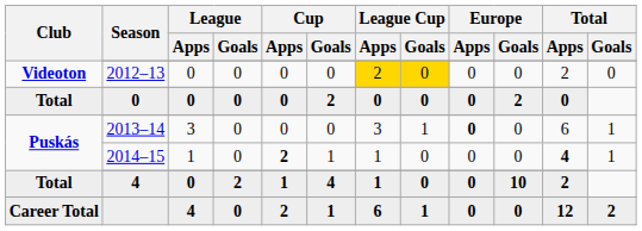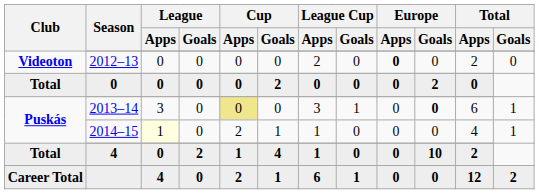 <table class="wikitable" style="font-size:90%; text-align: center;">
 <tr>
 <th rowspan="2">Club</th>
 <th rowspan="2">Season</th>
 <th colspan="2">League</th>
 <th colspan="2">Cup</th>
 <th colspan="2">League Cup</th>
 <th colspan="2">Europe</th>
 <th colspan="2">Total</th>
 </tr>
 <tr>
 <th>Apps</th>
 <th>Goals</th>
 <th>Apps</th>
 <th>Goals</th>
 <th>Apps</th>
 <th>Goals</th>
 <th>Apps</th>
 <th>Goals</th>
 <th>Apps</th>
 <th>Goals</th>
 </tr>
 <tr ||-||-||-|->
 <td rowspan="3" valign="center"><strong><a href='#'>Videoton</a></strong></td>
 </tr>
 <tr>
 <td><a href='#'>2012–13</a></td>
 <td>0</td>
 <td>0</td>
 <td>0</td>
 <td>0</td>
-<td style="background: gold;">2</td>
-<td style="background: gold;">0</td>
+<td>2</td>
 <td>0</td>
+<td><strong>0</strong></td>
 <td>0</td>
 <td>2</td>
 <td>0</td>
 </tr>
 <tr>
 </tr>
 <tr style="font-weight:bold; background-color:#eeeeee;">
 <td>Total</td>
 <td>0</td>
 <td>0</td>
 <td>0</td>
 <td>0</td>
 <td>2</td>
 <td>0</td>
 <td>0</td>
 <td>0</td>
 <td>2</td>
 <td>0</td>
 </tr>
 <tr>
 <td rowspan="4" valign="center"><strong><a href='#'>Puskás</a></strong></td>
 </tr>
 <tr>
 <td><a href='#'>2013–14</a></td>
 <td>3</td>
 <td>0</td>
-<td>0</td>
+<td style="background: khaki;">0</td>
 <td>0</td>
 <td>3</td>
 <td>1</td>
+<td>0</td>
 <td><strong>0</strong></td>
-<td>0</td>
 <td>6</td>
 <td>1</td>
 </tr>
 <tr>
 <td><a href='#'>2014–15</a></td>
-<td>1</td>
+<td style="background: lightyellow;">1</td>
 <td>0</td>
-<td><strong>2</strong></td>
+<td>2</td>
 <td>1</td>
 <td>1</td>
 <td>0</td>
 <td>0</td>
 <td>0</td>
-<td><strong>4</strong></td>
+<td>4</td>
 <td>1</td>
 </tr>
 <tr>
 </tr>
 <tr style="font-weight:bold; background-color:#eeeeee;">
 <td>Total</td>
 <td>4</td>
 <td>0</td>
 <td>2</td>
 <td>1</td>
 <td>4</td>
 <td>1</td>
 <td>0</td>
 <td>0</td>
 <td>10</td>
 <td>2</td>
 </tr>
 <tr>
 </tr>
 <tr style="font-weight:bold; background-color:#eeeeee;">
 <td rowspan="2" valign="top"><strong>Career Total</strong></td>
 <td></td>
 <td><strong>4</strong></td>
 <td><strong>0</strong></td>
 <td><strong>2</strong></td>
 <td><strong>1</strong></td>
 <td><strong>6</strong></td>
 <td><strong>1</strong></td>
 <td><strong>0</strong></td>
 <td><strong>0</strong></td>
 <td><strong>12</strong></td>
 <td><strong>2</strong></td>
 </tr>
 </table>
